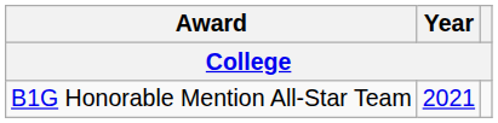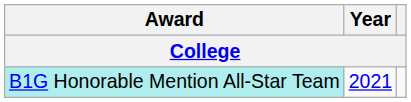 <table class="wikitable">
 <tr>
 <th>Award</th>
 <th>Year</th>
 <th></th>
 </tr>
 <tr>
 <th colspan="3"><a href='#'>College</a></th>
 </tr>
 <tr>
-<td><a href='#'>B1G</a> Honorable Mention All-Star Team</td>
+<td style="background: paleturquoise;"><a href='#'>B1G</a> Honorable Mention All-Star Team</td>
 <td><a href='#'>2021</a></td>
 <td></td>
 </tr>
 </table>
